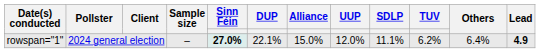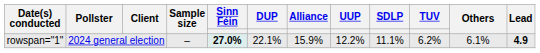 <table class="wikitable sortable mw-datatable" style="text-align:center; font-size:90%; line-height:14px;">
 <tr>
 <th rowspan="2">Date(s)<br>conducted</th>
 <th rowspan="2">Pollster</th>
 <th rowspan="2">Client</th>
 <th rowspan="2" data-sort-type="number">Sample<br>size</th>
 <th class="unsortable" style="width:50px;"><a href='#'>Sinn Féin</a></th>
 <th class="unsortable" style="width:50px;"><a href='#'>DUP</a></th>
 <th class="unsortable" style="width:50px;"><a href='#'>Alliance</a></th>
 <th class="unsortable" style="width:50px;"><a href='#'>UUP</a></th>
 <th class="unsortable" style="width:50px;"><a href='#'>SDLP</a></th>
 <th class="unsortable" style="width:50px;"><a href='#'>TUV</a></th>
 <th rowspan="2" class="unsortable" style="width:75px;">Others</th>
 <th rowspan="2" data-sort-type="number">Lead</th>
 </tr>
 <tr>
 <th data-sort-type="number" style="background:"></th>
 <th data-sort-type="number" style="background:"></th>
 <th data-sort-type="number" style="background:"></th>
 <th data-sort-type="number" style="background:"></th>
 <th data-sort-type="number" style="background:"></th>
 <th data-sort-type="number" style="background:"></th>
 </tr>
 <tr style="background:#e9e9e9;">
 <td>rowspan="1" </td>
 <td colspan="2" rowspan="1"><a href='#'>2024 general election</a></td>
 <td>–</td>
 <td style="background:#ddeeec;"><strong>27.0%</strong></td>
 <td>22.1%</td>
-<td>15.0%</td>
-<td>12.0%</td>
+<td>15.9%</td>
+<td>12.2%</td>
 <td>11.1%</td>
 <td>6.2%</td>
-<td>6.4%</td>
+<td>6.1%</td>
 <td style="background:"><strong>4.9</strong></td>
 </tr>
 </table>
